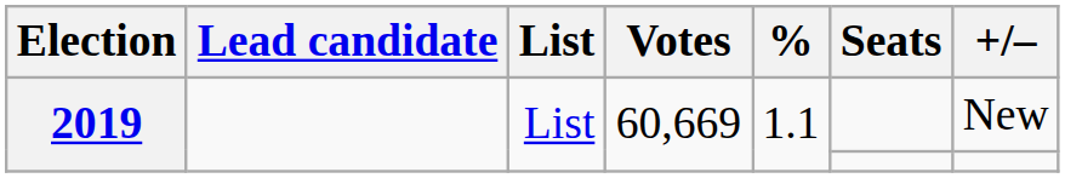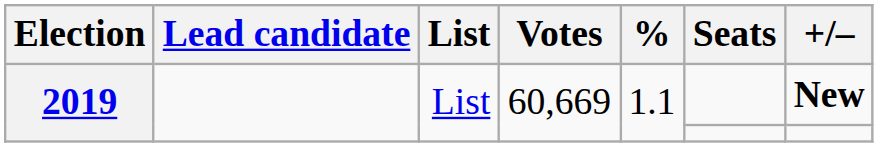 <table class="wikitable" style="text-align: right;">
 <tr>
 <th>Election</th>
 <th><a href='#'>Lead candidate</a></th>
 <th>List</th>
 <th>Votes</th>
 <th>%</th>
 <th>Seats</th>
 <th>+/–</th>
 </tr>
 <tr>
 <th rowspan="2"><a href='#'>2019</a></th>
 <td rowspan="2" align="left"></td>
 <td rowspan="2"><a href='#'>List</a></td>
 <td rowspan="2">60,669</td>
 <td rowspan="2">1.1</td>
 <td></td>
-<td>New</td>
+<td><strong>New</strong></td>
 </tr>
 <tr>
 <td></td>
 <td></td>
 </tr>
 </table>
